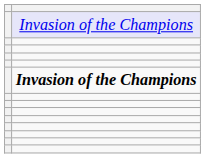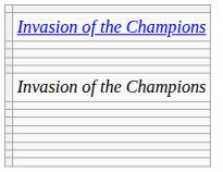 <table class="wikitable sortable" style="text-align: center">
 <tr>
 <th scope="col"></th>
 <th scope="col"></th>
 </tr>
 <tr>
 <th scope="row"></th>
-<td style="background: lavender;"><em><a href='#'>Invasion of the Champions</a></em></td>
+<td><em><a href='#'>Invasion of the Champions</a></em></td>
 </tr>
 <tr>
 <th scope="row"></th>
 <td></td>
 </tr>
 <tr>
 <th scope="row"></th>
 <td></td>
 </tr>
 <tr>
 <th scope="row"></th>
 <td></td>
 </tr>
 <tr>
 <th scope="row"></th>
 <td></td>
 </tr>
 <tr>
 <th scope="row"></th>
-<td><strong><em>Invasion of the Champions</em></strong></td>
+<td><em>Invasion of the Champions</em></td>
 </tr>
 <tr>
 <th scope="row"></th>
 <td></td>
 </tr>
 <tr>
 <th scope="row"></th>
 <td></td>
 </tr>
 <tr>
 <th scope="row"></th>
 <td></td>
 </tr>
 <tr>
 <th scope="row"></th>
 <td></td>
 </tr>
 <tr>
 <th scope="row"></th>
 <td></td>
 </tr>
 <tr>
 <th scope="row"></th>
 <td></td>
 </tr>
 <tr>
 <th scope="row"></th>
 <td></td>
 </tr>
 <tr>
 <th scope="row"></th>
 <td></td>
 </tr>
 </table>
